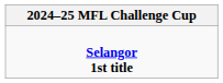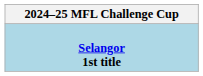 <table class="wikitable" style="text-align: center; margin: 0 auto; width: 20%">
 <tr>
 <th>2024–25 MFL Challenge Cup</th>
 </tr>
 <tr>
-<td><br><strong><a href='#'>Selangor</a></strong> <br> <strong>1st title</strong></td>
+<td style="background: lightblue;"><br><strong><a href='#'>Selangor</a></strong> <br> <strong>1st title</strong></td>
 </tr>
 </table>
